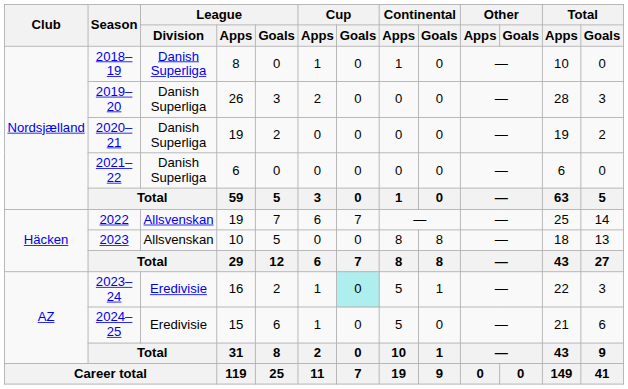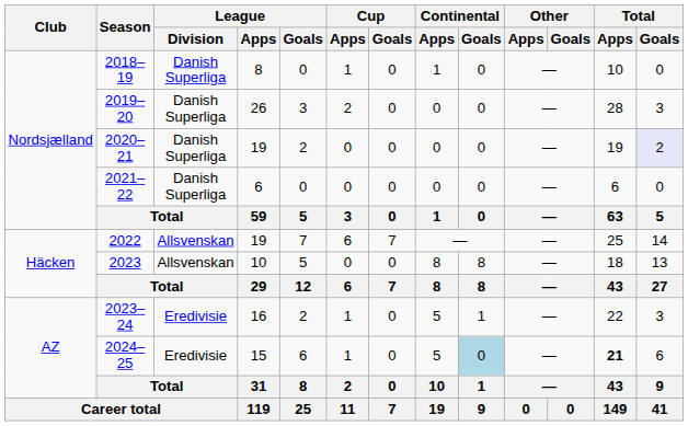 <table class="wikitable" style="text-align:center">
 <tr>
 <th rowspan="2">Club</th>
 <th rowspan="2">Season</th>
 <th colspan="3">League</th>
 <th colspan="2">Cup</th>
 <th colspan="2">Continental</th>
 <th colspan="2">Other</th>
 <th colspan="2">Total</th>
 </tr>
 <tr>
 <th>Division</th>
 <th>Apps</th>
 <th>Goals</th>
 <th>Apps</th>
 <th>Goals</th>
 <th>Apps</th>
 <th>Goals</th>
 <th>Apps</th>
 <th>Goals</th>
 <th>Apps</th>
 <th>Goals</th>
 </tr>
 <tr>
 <td rowspan="5"><a href='#'>Nordsjælland</a></td>
 <td><a href='#'>2018–19</a></td>
 <td><a href='#'>Danish Superliga</a></td>
 <td>8</td>
 <td>0</td>
 <td>1</td>
 <td>0</td>
 <td>1</td>
 <td>0</td>
 <td colspan="2">—</td>
 <td>10</td>
 <td>0</td>
 </tr>
 <tr>
 <td><a href='#'>2019–20</a></td>
 <td>Danish Superliga</td>
 <td>26</td>
 <td>3</td>
 <td>2</td>
 <td>0</td>
 <td>0</td>
 <td>0</td>
 <td colspan="2">—</td>
 <td>28</td>
 <td>3</td>
 </tr>
 <tr>
 <td><a href='#'>2020–21</a></td>
 <td>Danish Superliga</td>
 <td>19</td>
 <td>2</td>
 <td>0</td>
 <td>0</td>
 <td>0</td>
 <td>0</td>
 <td colspan="2">—</td>
 <td>19</td>
-<td>2</td>
+<td style="background: lavender;">2</td>
 </tr>
 <tr>
 <td><a href='#'>2021–22</a></td>
 <td>Danish Superliga</td>
 <td>6</td>
 <td>0</td>
 <td>0</td>
 <td>0</td>
 <td>0</td>
 <td>0</td>
 <td colspan="2">—</td>
 <td>6</td>
 <td>0</td>
 </tr>
 <tr>
 <th colspan="2">Total</th>
 <th>59</th>
 <th>5</th>
 <th>3</th>
 <th>0</th>
 <th>1</th>
 <th>0</th>
 <th colspan="2">—</th>
 <th>63</th>
 <th>5</th>
 </tr>
 <tr>
 <td rowspan="3"><a href='#'>Häcken</a></td>
 <td><a href='#'>2022</a></td>
 <td><a href='#'>Allsvenskan</a></td>
 <td>19</td>
 <td>7</td>
 <td>6</td>
 <td>7</td>
 <td colspan="2">—</td>
 <td colspan="2">—</td>
 <td>25</td>
 <td>14</td>
 </tr>
 <tr>
 <td><a href='#'>2023</a></td>
 <td>Allsvenskan</td>
 <td>10</td>
 <td>5</td>
 <td>0</td>
 <td>0</td>
 <td>8</td>
 <td>8</td>
 <td colspan="2">—</td>
 <td>18</td>
 <td>13</td>
 </tr>
 <tr>
 <th colspan="2">Total</th>
 <th>29</th>
 <th>12</th>
 <th>6</th>
 <th>7</th>
 <th>8</th>
 <th>8</th>
 <th colspan="2">—</th>
 <th>43</th>
 <th>27</th>
 </tr>
 <tr>
 <td rowspan="3"><a href='#'>AZ</a></td>
 <td><a href='#'>2023–24</a></td>
 <td><a href='#'>Eredivisie</a></td>
 <td>16</td>
 <td>2</td>
 <td>1</td>
-<td style="background: paleturquoise;">0</td>
+<td>0</td>
 <td>5</td>
 <td>1</td>
 <td colspan="2">—</td>
 <td>22</td>
 <td>3</td>
 </tr>
 <tr>
 <td><a href='#'>2024–25</a></td>
 <td>Eredivisie</td>
 <td>15</td>
 <td>6</td>
 <td>1</td>
 <td>0</td>
 <td>5</td>
-<td>0</td>
+<td style="background: lightblue;">0</td>
 <td colspan="2">—</td>
-<td>21</td>
+<td><strong>21</strong></td>
 <td>6</td>
 </tr>
 <tr>
 <th colspan="2">Total</th>
 <th>31</th>
 <th>8</th>
 <th>2</th>
 <th>0</th>
 <th>10</th>
 <th>1</th>
 <th colspan="2">—</th>
 <th>43</th>
 <th>9</th>
 </tr>
 <tr>
 <th colspan="3">Career total</th>
 <th>119</th>
 <th>25</th>
 <th>11</th>
 <th>7</th>
 <th>19</th>
 <th>9</th>
 <th>0</th>
 <th>0</th>
 <th>149</th>
 <th>41</th>
 </tr>
 </table>
